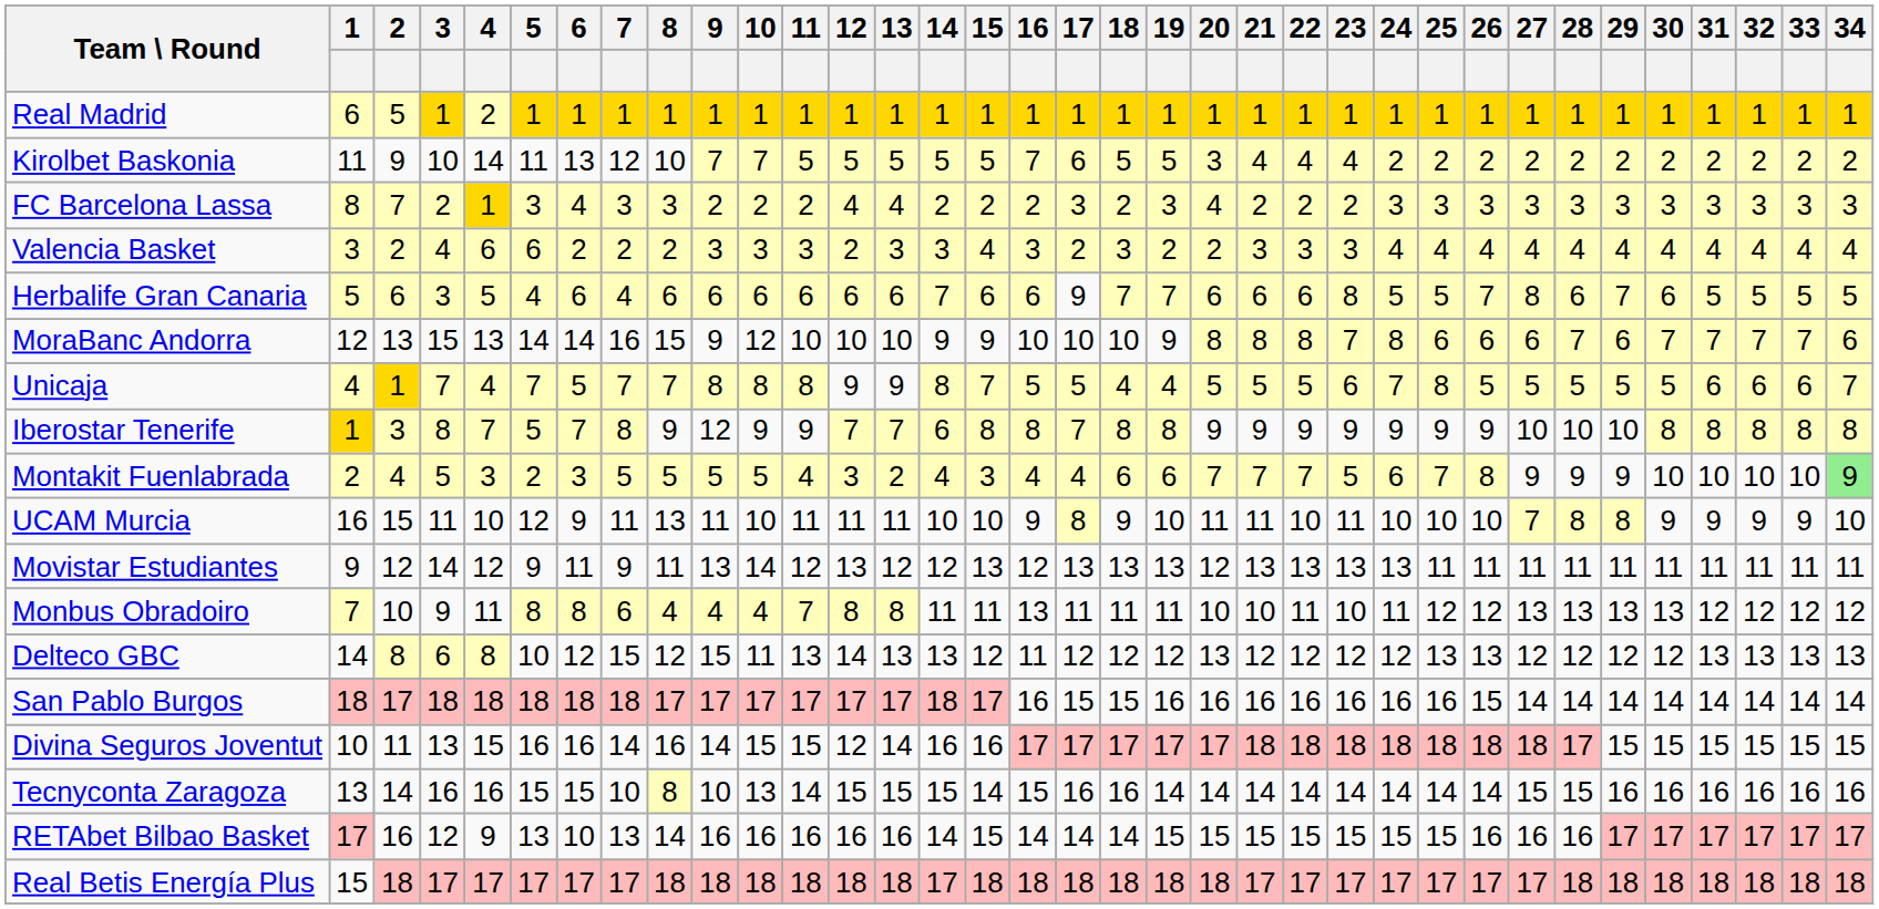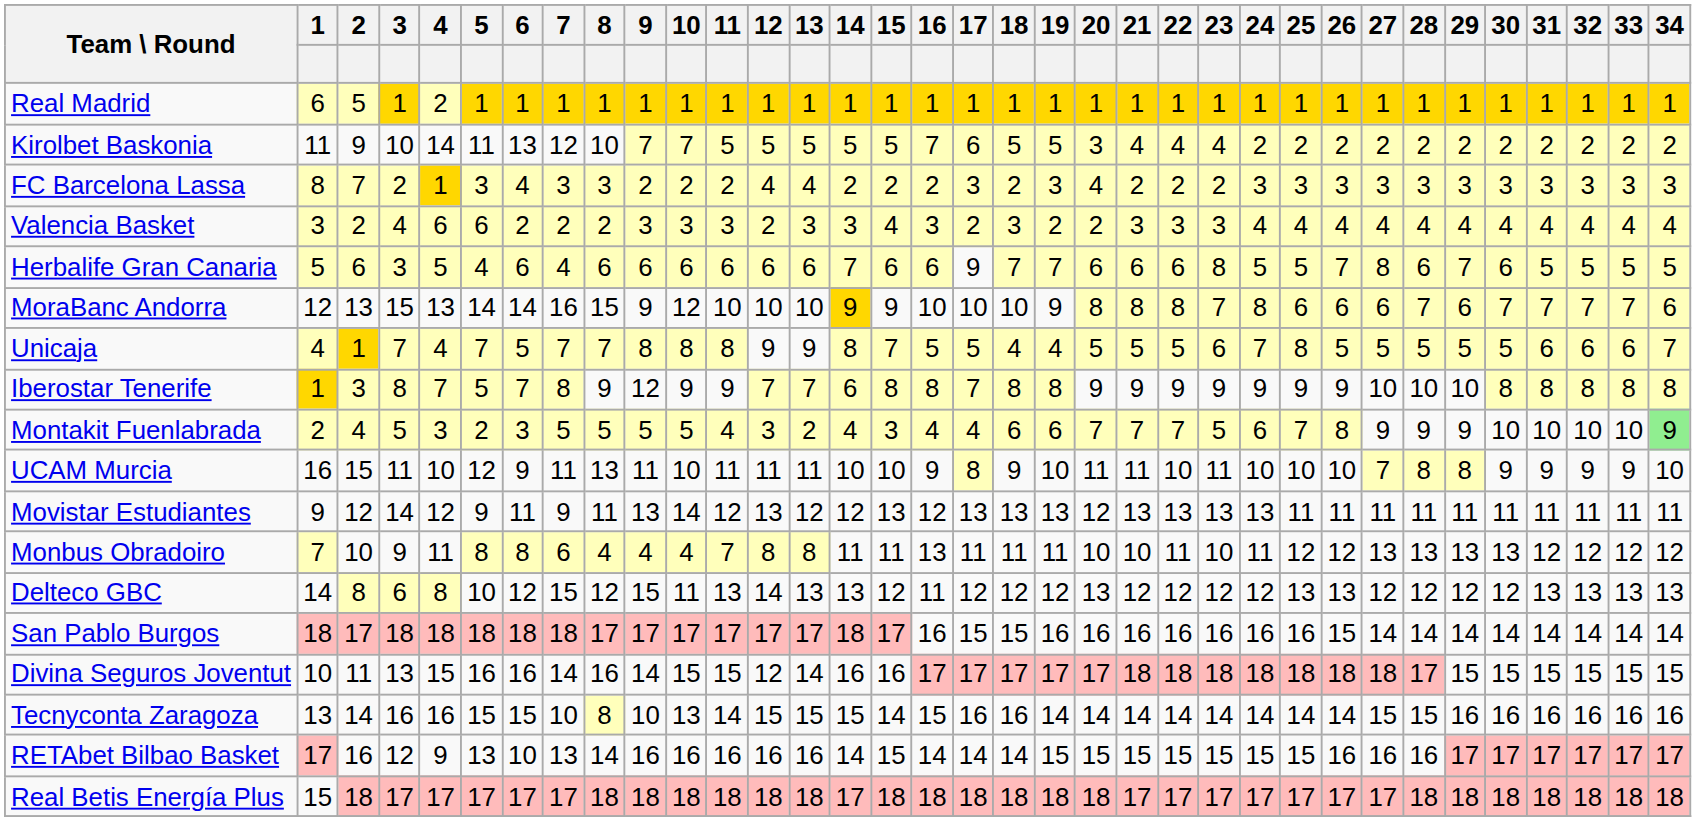 <table class="wikitable sortable" style="font-size: 85%; text-align:center; white-space: nowrap;">
 <tr>
 <th rowspan="2" style="width:140px;">Team \ Round</th>
 <th class="unsortable">1</th>
 <th class="unsortable">2</th>
 <th class="unsortable">3</th>
 <th class="unsortable">4</th>
 <th class="unsortable">5</th>
 <th class="unsortable">6</th>
 <th class="unsortable">7</th>
 <th class="unsortable">8</th>
 <th class="unsortable">9</th>
 <th class="unsortable">10</th>
 <th class="unsortable">11</th>
 <th class="unsortable">12</th>
 <th class="unsortable">13</th>
 <th class="unsortable">14</th>
 <th class="unsortable">15</th>
 <th class="unsortable">16</th>
 <th class="unsortable">17</th>
 <th class="unsortable">18</th>
 <th class="unsortable">19</th>
 <th class="unsortable">20</th>
 <th class="unsortable">21</th>
 <th class="unsortable">22</th>
 <th class="unsortable">23</th>
 <th class="unsortable">24</th>
 <th class="unsortable">25</th>
 <th class="unsortable">26</th>
 <th class="unsortable">27</th>
 <th class="unsortable">28</th>
 <th class="unsortable">29</th>
 <th class="unsortable">30</th>
 <th class="unsortable">31</th>
 <th class="unsortable">32</th>
 <th class="unsortable">33</th>
 <th class="unsortable">34</th>
 </tr>
 <tr style="text-align:center; height:20px;">
 <th scope=row></th>
 <th></th>
 <th></th>
 <th></th>
 <th></th>
 <th></th>
 <th></th>
 <th></th>
 <th></th>
 <th></th>
 <th></th>
 <th></th>
 <th></th>
 <th></th>
 <th></th>
 <th></th>
 <th></th>
 <th></th>
 <th></th>
 <th></th>
 <th></th>
 <th></th>
 <th></th>
 <th></th>
 <th></th>
 <th></th>
 <th></th>
 <th></th>
 <th></th>
 <th></th>
 <th></th>
 <th></th>
 <th></th>
 <th></th>
 </tr>
 <tr>
 <td align=left><a href='#'>Real Madrid</a></td>
 <td bgcolor=#FFFFBB>6</td>
 <td bgcolor=#FFFFBB>5</td>
 <td bgcolor=gold>1</td>
 <td bgcolor=#FFFFBB>2</td>
 <td bgcolor=gold>1</td>
 <td bgcolor=gold>1</td>
 <td bgcolor=gold>1</td>
 <td bgcolor=gold>1</td>
 <td bgcolor=gold>1</td>
 <td bgcolor=gold>1</td>
 <td bgcolor=gold>1</td>
 <td bgcolor=gold>1</td>
 <td bgcolor=gold>1</td>
 <td bgcolor=gold>1</td>
 <td bgcolor=gold>1</td>
 <td bgcolor=gold>1</td>
 <td bgcolor=gold>1</td>
 <td bgcolor=gold>1</td>
 <td bgcolor=gold>1</td>
 <td bgcolor=gold>1</td>
 <td bgcolor=gold>1</td>
 <td bgcolor=gold>1</td>
 <td bgcolor=gold>1</td>
 <td bgcolor=gold>1</td>
 <td bgcolor=gold>1</td>
 <td bgcolor=gold>1</td>
 <td bgcolor=gold>1</td>
 <td bgcolor=gold>1</td>
 <td bgcolor=gold>1</td>
 <td bgcolor=gold>1</td>
 <td bgcolor=gold>1</td>
 <td bgcolor=gold>1</td>
 <td bgcolor=gold>1</td>
 <td bgcolor=gold>1</td>
 </tr>
 <tr>
 <td align=left><a href='#'>Kirolbet Baskonia</a></td>
 <td>11</td>
 <td>9</td>
 <td>10</td>
 <td>14</td>
 <td>11</td>
 <td>13</td>
 <td>12</td>
 <td>10</td>
 <td bgcolor=#FFFFBB>7</td>
 <td bgcolor=#FFFFBB>7</td>
 <td bgcolor=#FFFFBB>5</td>
 <td bgcolor=#FFFFBB>5</td>
 <td bgcolor=#FFFFBB>5</td>
 <td bgcolor=#FFFFBB>5</td>
 <td bgcolor=#FFFFBB>5</td>
 <td bgcolor=#FFFFBB>7</td>
 <td bgcolor=#FFFFBB>6</td>
 <td bgcolor=#FFFFBB>5</td>
 <td bgcolor=#FFFFBB>5</td>
 <td bgcolor=#FFFFBB>3</td>
 <td bgcolor=#FFFFBB>4</td>
 <td bgcolor=#FFFFBB>4</td>
 <td bgcolor=#FFFFBB>4</td>
 <td bgcolor=#FFFFBB>2</td>
 <td bgcolor=#FFFFBB>2</td>
 <td bgcolor=#FFFFBB>2</td>
 <td bgcolor=#FFFFBB>2</td>
 <td bgcolor=#FFFFBB>2</td>
 <td bgcolor=#FFFFBB>2</td>
 <td bgcolor=#FFFFBB>2</td>
 <td bgcolor=#FFFFBB>2</td>
 <td bgcolor=#FFFFBB>2</td>
 <td bgcolor=#FFFFBB>2</td>
 <td bgcolor=#FFFFBB>2</td>
 </tr>
 <tr>
 <td align=left><a href='#'>FC Barcelona Lassa</a></td>
 <td bgcolor=#FFFFBB>8</td>
 <td bgcolor=#FFFFBB>7</td>
 <td bgcolor=#FFFFBB>2</td>
 <td bgcolor=gold>1</td>
 <td bgcolor=#FFFFBB>3</td>
 <td bgcolor=#FFFFBB>4</td>
 <td bgcolor=#FFFFBB>3</td>
 <td bgcolor=#FFFFBB>3</td>
 <td bgcolor=#FFFFBB>2</td>
 <td bgcolor=#FFFFBB>2</td>
 <td bgcolor=#FFFFBB>2</td>
 <td bgcolor=#FFFFBB>4</td>
 <td bgcolor=#FFFFBB>4</td>
 <td bgcolor=#FFFFBB>2</td>
 <td bgcolor=#FFFFBB>2</td>
 <td bgcolor=#FFFFBB>2</td>
 <td bgcolor=#FFFFBB>3</td>
 <td bgcolor=#FFFFBB>2</td>
 <td bgcolor=#FFFFBB>3</td>
 <td bgcolor=#FFFFBB>4</td>
 <td bgcolor=#FFFFBB>2</td>
 <td bgcolor=#FFFFBB>2</td>
 <td bgcolor=#FFFFBB>2</td>
 <td bgcolor=#FFFFBB>3</td>
 <td bgcolor=#FFFFBB>3</td>
 <td bgcolor=#FFFFBB>3</td>
 <td bgcolor=#FFFFBB>3</td>
 <td bgcolor=#FFFFBB>3</td>
 <td bgcolor=#FFFFBB>3</td>
 <td bgcolor=#FFFFBB>3</td>
 <td bgcolor=#FFFFBB>3</td>
 <td bgcolor=#FFFFBB>3</td>
 <td bgcolor=#FFFFBB>3</td>
 <td bgcolor=#FFFFBB>3</td>
 </tr>
 <tr>
 <td align=left><a href='#'>Valencia Basket</a></td>
 <td bgcolor=#FFFFBB>3</td>
 <td bgcolor=#FFFFBB>2</td>
 <td bgcolor=#FFFFBB>4</td>
 <td bgcolor=#FFFFBB>6</td>
 <td bgcolor=#FFFFBB>6</td>
 <td bgcolor=#FFFFBB>2</td>
 <td bgcolor=#FFFFBB>2</td>
 <td bgcolor=#FFFFBB>2</td>
 <td bgcolor=#FFFFBB>3</td>
 <td bgcolor=#FFFFBB>3</td>
 <td bgcolor=#FFFFBB>3</td>
 <td bgcolor=#FFFFBB>2</td>
 <td bgcolor=#FFFFBB>3</td>
 <td bgcolor=#FFFFBB>3</td>
 <td bgcolor=#FFFFBB>4</td>
 <td bgcolor=#FFFFBB>3</td>
 <td bgcolor=#FFFFBB>2</td>
 <td bgcolor=#FFFFBB>3</td>
 <td bgcolor=#FFFFBB>2</td>
 <td bgcolor=#FFFFBB>2</td>
 <td bgcolor=#FFFFBB>3</td>
 <td bgcolor=#FFFFBB>3</td>
 <td bgcolor=#FFFFBB>3</td>
 <td bgcolor=#FFFFBB>4</td>
 <td bgcolor=#FFFFBB>4</td>
 <td bgcolor=#FFFFBB>4</td>
 <td bgcolor=#FFFFBB>4</td>
 <td bgcolor=#FFFFBB>4</td>
 <td bgcolor=#FFFFBB>4</td>
 <td bgcolor=#FFFFBB>4</td>
 <td bgcolor=#FFFFBB>4</td>
 <td bgcolor=#FFFFBB>4</td>
 <td bgcolor=#FFFFBB>4</td>
 <td bgcolor=#FFFFBB>4</td>
 </tr>
 <tr>
 <td align=left><a href='#'>Herbalife Gran Canaria</a></td>
 <td bgcolor=#FFFFBB>5</td>
 <td bgcolor=#FFFFBB>6</td>
 <td bgcolor=#FFFFBB>3</td>
 <td bgcolor=#FFFFBB>5</td>
 <td bgcolor=#FFFFBB>4</td>
 <td bgcolor=#FFFFBB>6</td>
 <td bgcolor=#FFFFBB>4</td>
 <td bgcolor=#FFFFBB>6</td>
 <td bgcolor=#FFFFBB>6</td>
 <td bgcolor=#FFFFBB>6</td>
 <td bgcolor=#FFFFBB>6</td>
 <td bgcolor=#FFFFBB>6</td>
 <td bgcolor=#FFFFBB>6</td>
 <td bgcolor=#FFFFBB>7</td>
 <td bgcolor=#FFFFBB>6</td>
 <td bgcolor=#FFFFBB>6</td>
 <td>9</td>
 <td bgcolor=#FFFFBB>7</td>
 <td bgcolor=#FFFFBB>7</td>
 <td bgcolor=#FFFFBB>6</td>
 <td bgcolor=#FFFFBB>6</td>
 <td bgcolor=#FFFFBB>6</td>
 <td bgcolor=#FFFFBB>8</td>
 <td bgcolor=#FFFFBB>5</td>
 <td bgcolor=#FFFFBB>5</td>
 <td bgcolor=#FFFFBB>7</td>
 <td bgcolor=#FFFFBB>8</td>
 <td bgcolor=#FFFFBB>6</td>
 <td bgcolor=#FFFFBB>7</td>
 <td bgcolor=#FFFFBB>6</td>
 <td bgcolor=#FFFFBB>5</td>
 <td bgcolor=#FFFFBB>5</td>
 <td bgcolor=#FFFFBB>5</td>
 <td bgcolor=#FFFFBB>5</td>
 </tr>
 <tr>
 <td align=left><a href='#'>MoraBanc Andorra</a></td>
 <td>12</td>
 <td>13</td>
 <td>15</td>
 <td>13</td>
 <td>14</td>
 <td>14</td>
 <td>16</td>
 <td>15</td>
 <td>9</td>
 <td>12</td>
 <td>10</td>
 <td>10</td>
 <td>10</td>
-<td>9</td>
+<td style="background: gold;">9</td>
 <td>9</td>
 <td>10</td>
 <td>10</td>
 <td>10</td>
 <td>9</td>
 <td bgcolor=#FFFFBB>8</td>
 <td bgcolor=#FFFFBB>8</td>
 <td bgcolor=#FFFFBB>8</td>
 <td bgcolor=#FFFFBB>7</td>
 <td bgcolor=#FFFFBB>8</td>
 <td bgcolor=#FFFFBB>6</td>
 <td bgcolor=#FFFFBB>6</td>
 <td bgcolor=#FFFFBB>6</td>
 <td bgcolor=#FFFFBB>7</td>
 <td bgcolor=#FFFFBB>6</td>
 <td bgcolor=#FFFFBB>7</td>
 <td bgcolor=#FFFFBB>7</td>
 <td bgcolor=#FFFFBB>7</td>
 <td bgcolor=#FFFFBB>7</td>
 <td bgcolor=#FFFFBB>6</td>
 </tr>
 <tr>
 <td align=left><a href='#'>Unicaja</a></td>
 <td bgcolor=#FFFFBB>4</td>
 <td bgcolor=gold>1</td>
 <td bgcolor=#FFFFBB>7</td>
 <td bgcolor=#FFFFBB>4</td>
 <td bgcolor=#FFFFBB>7</td>
 <td bgcolor=#FFFFBB>5</td>
 <td bgcolor=#FFFFBB>7</td>
 <td bgcolor=#FFFFBB>7</td>
 <td bgcolor=#FFFFBB>8</td>
 <td bgcolor=#FFFFBB>8</td>
 <td bgcolor=#FFFFBB>8</td>
 <td>9</td>
 <td>9</td>
 <td bgcolor=#FFFFBB>8</td>
 <td bgcolor=#FFFFBB>7</td>
 <td bgcolor=#FFFFBB>5</td>
 <td bgcolor=#FFFFBB>5</td>
 <td bgcolor=#FFFFBB>4</td>
 <td bgcolor=#FFFFBB>4</td>
 <td bgcolor=#FFFFBB>5</td>
 <td bgcolor=#FFFFBB>5</td>
 <td bgcolor=#FFFFBB>5</td>
 <td bgcolor=#FFFFBB>6</td>
 <td bgcolor=#FFFFBB>7</td>
 <td bgcolor=#FFFFBB>8</td>
 <td bgcolor=#FFFFBB>5</td>
 <td bgcolor=#FFFFBB>5</td>
 <td bgcolor=#FFFFBB>5</td>
 <td bgcolor=#FFFFBB>5</td>
 <td bgcolor=#FFFFBB>5</td>
 <td bgcolor=#FFFFBB>6</td>
 <td bgcolor=#FFFFBB>6</td>
 <td bgcolor=#FFFFBB>6</td>
 <td bgcolor=#FFFFBB>7</td>
 </tr>
 <tr>
 <td align=left><a href='#'>Iberostar Tenerife</a></td>
 <td bgcolor=gold>1</td>
 <td bgcolor=#FFFFBB>3</td>
 <td bgcolor=#FFFFBB>8</td>
 <td bgcolor=#FFFFBB>7</td>
 <td bgcolor=#FFFFBB>5</td>
 <td bgcolor=#FFFFBB>7</td>
 <td bgcolor=#FFFFBB>8</td>
 <td>9</td>
 <td>12</td>
 <td>9</td>
 <td>9</td>
 <td bgcolor=#FFFFBB>7</td>
 <td bgcolor=#FFFFBB>7</td>
 <td bgcolor=#FFFFBB>6</td>
 <td bgcolor=#FFFFBB>8</td>
 <td bgcolor=#FFFFBB>8</td>
 <td bgcolor=#FFFFBB>7</td>
 <td bgcolor=#FFFFBB>8</td>
 <td bgcolor=#FFFFBB>8</td>
 <td>9</td>
 <td>9</td>
 <td>9</td>
 <td>9</td>
 <td>9</td>
 <td>9</td>
 <td>9</td>
 <td>10</td>
 <td>10</td>
 <td>10</td>
 <td bgcolor=#FFFFBB>8</td>
 <td bgcolor=#FFFFBB>8</td>
 <td bgcolor=#FFFFBB>8</td>
 <td bgcolor=#FFFFBB>8</td>
 <td bgcolor=#FFFFBB>8</td>
 </tr>
 <tr>
 <td align=left><a href='#'>Montakit Fuenlabrada</a></td>
 <td bgcolor=#FFFFBB>2</td>
 <td bgcolor=#FFFFBB>4</td>
 <td bgcolor=#FFFFBB>5</td>
 <td bgcolor=#FFFFBB>3</td>
 <td bgcolor=#FFFFBB>2</td>
 <td bgcolor=#FFFFBB>3</td>
 <td bgcolor=#FFFFBB>5</td>
 <td bgcolor=#FFFFBB>5</td>
 <td bgcolor=#FFFFBB>5</td>
 <td bgcolor=#FFFFBB>5</td>
 <td bgcolor=#FFFFBB>4</td>
 <td bgcolor=#FFFFBB>3</td>
 <td bgcolor=#FFFFBB>2</td>
 <td bgcolor=#FFFFBB>4</td>
 <td bgcolor=#FFFFBB>3</td>
 <td bgcolor=#FFFFBB>4</td>
 <td bgcolor=#FFFFBB>4</td>
 <td bgcolor=#FFFFBB>6</td>
 <td bgcolor=#FFFFBB>6</td>
 <td bgcolor=#FFFFBB>7</td>
 <td bgcolor=#FFFFBB>7</td>
 <td bgcolor=#FFFFBB>7</td>
 <td bgcolor=#FFFFBB>5</td>
 <td bgcolor=#FFFFBB>6</td>
 <td bgcolor=#FFFFBB>7</td>
 <td bgcolor=#FFFFBB>8</td>
 <td>9</td>
 <td>9</td>
 <td>9</td>
 <td>10</td>
 <td>10</td>
 <td>10</td>
 <td>10</td>
 <td style="background: lightgreen;">9</td>
 </tr>
 <tr>
 <td align=left><a href='#'>UCAM Murcia</a></td>
 <td>16</td>
 <td>15</td>
 <td>11</td>
 <td>10</td>
 <td>12</td>
 <td>9</td>
 <td>11</td>
 <td>13</td>
 <td>11</td>
 <td>10</td>
 <td>11</td>
 <td>11</td>
 <td>11</td>
 <td>10</td>
 <td>10</td>
 <td>9</td>
 <td bgcolor=#FFFFBB>8</td>
 <td>9</td>
 <td>10</td>
 <td>11</td>
 <td>11</td>
 <td>10</td>
 <td>11</td>
 <td>10</td>
 <td>10</td>
 <td>10</td>
 <td bgcolor=#FFFFBB>7</td>
 <td bgcolor=#FFFFBB>8</td>
 <td bgcolor=#FFFFBB>8</td>
 <td>9</td>
 <td>9</td>
 <td>9</td>
 <td>9</td>
 <td>10</td>
 </tr>
 <tr>
 <td align=left><a href='#'>Movistar Estudiantes</a></td>
 <td>9</td>
 <td>12</td>
 <td>14</td>
 <td>12</td>
 <td>9</td>
 <td>11</td>
 <td>9</td>
 <td>11</td>
 <td>13</td>
 <td>14</td>
 <td>12</td>
 <td>13</td>
 <td>12</td>
 <td>12</td>
 <td>13</td>
 <td>12</td>
 <td>13</td>
 <td>13</td>
 <td>13</td>
 <td>12</td>
 <td>13</td>
 <td>13</td>
 <td>13</td>
 <td>13</td>
 <td>11</td>
 <td>11</td>
 <td>11</td>
 <td>11</td>
 <td>11</td>
 <td>11</td>
 <td>11</td>
 <td>11</td>
 <td>11</td>
 <td>11</td>
 </tr>
 <tr>
 <td align=left><a href='#'>Monbus Obradoiro</a></td>
 <td bgcolor=#FFFFBB>7</td>
 <td>10</td>
 <td>9</td>
 <td>11</td>
 <td bgcolor=#FFFFBB>8</td>
 <td bgcolor=#FFFFBB>8</td>
 <td bgcolor=#FFFFBB>6</td>
 <td bgcolor=#FFFFBB>4</td>
 <td bgcolor=#FFFFBB>4</td>
 <td bgcolor=#FFFFBB>4</td>
 <td bgcolor=#FFFFBB>7</td>
 <td bgcolor=#FFFFBB>8</td>
 <td bgcolor=#FFFFBB>8</td>
 <td>11</td>
 <td>11</td>
 <td>13</td>
 <td>11</td>
 <td>11</td>
 <td>11</td>
 <td>10</td>
 <td>10</td>
 <td>11</td>
 <td>10</td>
 <td>11</td>
 <td>12</td>
 <td>12</td>
 <td>13</td>
 <td>13</td>
 <td>13</td>
 <td>13</td>
 <td>12</td>
 <td>12</td>
 <td>12</td>
 <td>12</td>
 </tr>
 <tr>
 <td align=left><a href='#'>Delteco GBC</a></td>
 <td>14</td>
 <td bgcolor=#FFFFBB>8</td>
 <td bgcolor=#FFFFBB>6</td>
 <td bgcolor=#FFFFBB>8</td>
 <td>10</td>
 <td>12</td>
 <td>15</td>
 <td>12</td>
 <td>15</td>
 <td>11</td>
 <td>13</td>
 <td>14</td>
 <td>13</td>
 <td>13</td>
 <td>12</td>
 <td>11</td>
 <td>12</td>
 <td>12</td>
 <td>12</td>
 <td>13</td>
 <td>12</td>
 <td>12</td>
 <td>12</td>
 <td>12</td>
 <td>13</td>
 <td>13</td>
 <td>12</td>
 <td>12</td>
 <td>12</td>
 <td>12</td>
 <td>13</td>
 <td>13</td>
 <td>13</td>
 <td>13</td>
 </tr>
 <tr>
 <td align=left><a href='#'>San Pablo Burgos</a></td>
 <td bgcolor=#FFBBBB>18</td>
 <td bgcolor=#FFBBBB>17</td>
 <td bgcolor=#FFBBBB>18</td>
 <td bgcolor=#FFBBBB>18</td>
 <td bgcolor=#FFBBBB>18</td>
 <td bgcolor=#FFBBBB>18</td>
 <td bgcolor=#FFBBBB>18</td>
 <td bgcolor=#FFBBBB>17</td>
 <td bgcolor=#FFBBBB>17</td>
 <td bgcolor=#FFBBBB>17</td>
 <td bgcolor=#FFBBBB>17</td>
 <td bgcolor=#FFBBBB>17</td>
 <td bgcolor=#FFBBBB>17</td>
 <td bgcolor=#FFBBBB>18</td>
 <td bgcolor=#FFBBBB>17</td>
 <td>16</td>
 <td>15</td>
 <td>15</td>
 <td>16</td>
 <td>16</td>
 <td>16</td>
 <td>16</td>
 <td>16</td>
 <td>16</td>
 <td>16</td>
 <td>15</td>
 <td>14</td>
 <td>14</td>
 <td>14</td>
 <td>14</td>
 <td>14</td>
 <td>14</td>
 <td>14</td>
 <td>14</td>
 </tr>
 <tr>
 <td align=left><a href='#'>Divina Seguros Joventut</a></td>
 <td>10</td>
 <td>11</td>
 <td>13</td>
 <td>15</td>
 <td>16</td>
 <td>16</td>
 <td>14</td>
 <td>16</td>
 <td>14</td>
 <td>15</td>
 <td>15</td>
 <td>12</td>
 <td>14</td>
 <td>16</td>
 <td>16</td>
 <td bgcolor=#FFBBBB>17</td>
 <td bgcolor=#FFBBBB>17</td>
 <td bgcolor=#FFBBBB>17</td>
 <td bgcolor=#FFBBBB>17</td>
 <td bgcolor=#FFBBBB>17</td>
 <td bgcolor=#FFBBBB>18</td>
 <td bgcolor=#FFBBBB>18</td>
 <td bgcolor=#FFBBBB>18</td>
 <td bgcolor=#FFBBBB>18</td>
 <td bgcolor=#FFBBBB>18</td>
 <td bgcolor=#FFBBBB>18</td>
 <td bgcolor=#FFBBBB>18</td>
 <td bgcolor=#FFBBBB>17</td>
 <td>15</td>
 <td>15</td>
 <td>15</td>
 <td>15</td>
 <td>15</td>
 <td>15</td>
 </tr>
 <tr>
 <td align=left><a href='#'>Tecnyconta Zaragoza</a></td>
 <td>13</td>
 <td>14</td>
 <td>16</td>
 <td>16</td>
 <td>15</td>
 <td>15</td>
 <td>10</td>
 <td bgcolor=#FFFFBB>8</td>
 <td>10</td>
 <td>13</td>
 <td>14</td>
 <td>15</td>
 <td>15</td>
 <td>15</td>
 <td>14</td>
 <td>15</td>
 <td>16</td>
 <td>16</td>
 <td>14</td>
 <td>14</td>
 <td>14</td>
 <td>14</td>
 <td>14</td>
 <td>14</td>
 <td>14</td>
 <td>14</td>
 <td>15</td>
 <td>15</td>
 <td>16</td>
 <td>16</td>
 <td>16</td>
 <td>16</td>
 <td>16</td>
 <td>16</td>
 </tr>
 <tr>
 <td align=left><a href='#'>RETAbet Bilbao Basket</a></td>
 <td bgcolor=#FFBBBB>17</td>
 <td>16</td>
 <td>12</td>
 <td>9</td>
 <td>13</td>
 <td>10</td>
 <td>13</td>
 <td>14</td>
 <td>16</td>
 <td>16</td>
 <td>16</td>
 <td>16</td>
 <td>16</td>
 <td>14</td>
 <td>15</td>
 <td>14</td>
 <td>14</td>
 <td>14</td>
 <td>15</td>
 <td>15</td>
 <td>15</td>
 <td>15</td>
 <td>15</td>
 <td>15</td>
 <td>15</td>
 <td>16</td>
 <td>16</td>
 <td>16</td>
 <td bgcolor=#FFBBBB>17</td>
 <td bgcolor=#FFBBBB>17</td>
 <td bgcolor=#FFBBBB>17</td>
 <td bgcolor=#FFBBBB>17</td>
 <td bgcolor=#FFBBBB>17</td>
 <td bgcolor=#FFBBBB>17</td>
 </tr>
 <tr>
 <td align=left><a href='#'>Real Betis Energía Plus</a></td>
 <td>15</td>
 <td bgcolor=#FFBBBB>18</td>
 <td bgcolor=#FFBBBB>17</td>
 <td bgcolor=#FFBBBB>17</td>
 <td bgcolor=#FFBBBB>17</td>
 <td bgcolor=#FFBBBB>17</td>
 <td bgcolor=#FFBBBB>17</td>
 <td bgcolor=#FFBBBB>18</td>
 <td bgcolor=#FFBBBB>18</td>
 <td bgcolor=#FFBBBB>18</td>
 <td bgcolor=#FFBBBB>18</td>
 <td bgcolor=#FFBBBB>18</td>
 <td bgcolor=#FFBBBB>18</td>
 <td bgcolor=#FFBBBB>17</td>
 <td bgcolor=#FFBBBB>18</td>
 <td bgcolor=#FFBBBB>18</td>
 <td bgcolor=#FFBBBB>18</td>
 <td bgcolor=#FFBBBB>18</td>
 <td bgcolor=#FFBBBB>18</td>
 <td bgcolor=#FFBBBB>18</td>
 <td bgcolor=#FFBBBB>17</td>
 <td bgcolor=#FFBBBB>17</td>
 <td bgcolor=#FFBBBB>17</td>
 <td bgcolor=#FFBBBB>17</td>
 <td bgcolor=#FFBBBB>17</td>
 <td bgcolor=#FFBBBB>17</td>
 <td bgcolor=#FFBBBB>17</td>
 <td bgcolor=#FFBBBB>18</td>
 <td bgcolor=#FFBBBB>18</td>
 <td bgcolor=#FFBBBB>18</td>
 <td bgcolor=#FFBBBB>18</td>
 <td bgcolor=#FFBBBB>18</td>
 <td bgcolor=#FFBBBB>18</td>
 <td bgcolor=#FFBBBB>18</td>
 </tr>
 <tr>
 </tr>
 </table>
